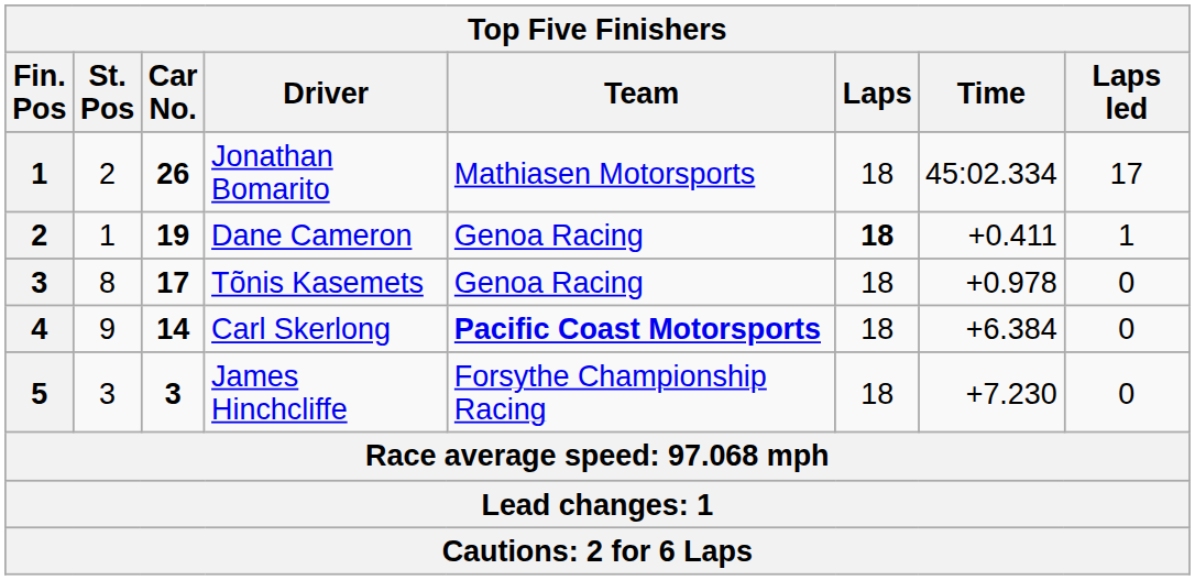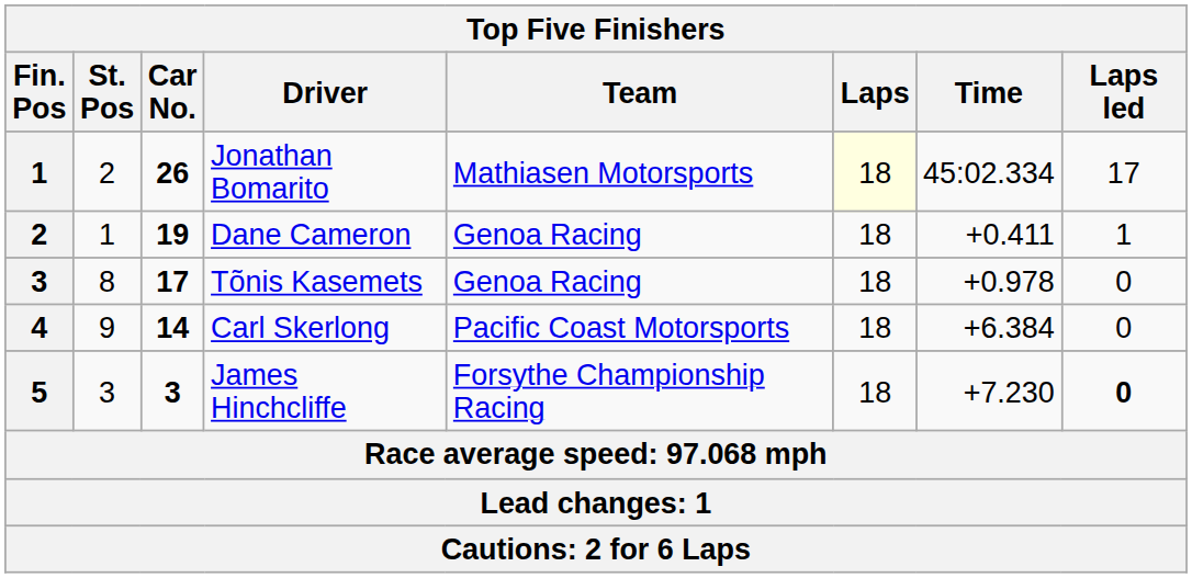 <table class="wikitable" style="font-size:95%;">
 <tr>
 <th colspan=9>Top Five Finishers</th>
 </tr>
 <tr>
 <th>Fin.<br>Pos</th>
 <th>St.<br>Pos</th>
 <th>Car<br>No.</th>
 <th>Driver</th>
 <th>Team</th>
 <th>Laps</th>
 <th>Time</th>
 <th>Laps led</th>
 </tr>
 <tr>
 <th>1</th>
 <td align=center>2</td>
 <td align=center><strong>26</strong></td>
 <td> <a href='#'>Jonathan Bomarito</a></td>
 <td><a href='#'>Mathiasen Motorsports</a></td>
-<td align=center>18</td>
+<td align=center style="background: lightyellow;">18</td>
 <td align=right>45:02.334</td>
 <td align=center>17</td>
 </tr>
 <tr>
 <th>2</th>
 <td align=center>1</td>
 <td align=center><strong>19</strong></td>
 <td> <a href='#'>Dane Cameron</a></td>
 <td><a href='#'>Genoa Racing</a></td>
-<td align=center><strong>18</strong></td>
+<td align=center>18</td>
 <td align=right>+0.411</td>
 <td align=center>1</td>
 </tr>
 <tr>
 <th>3</th>
 <td align=center>8</td>
 <td align=center><strong>17</strong></td>
 <td> <a href='#'>Tõnis Kasemets</a></td>
 <td><a href='#'>Genoa Racing</a></td>
 <td align=center>18</td>
 <td align=right>+0.978</td>
 <td align=center>0</td>
 </tr>
 <tr>
 <th>4</th>
 <td align=center>9</td>
 <td style="text-align:center;"><strong>14</strong></td>
 <td> <a href='#'>Carl Skerlong</a></td>
-<td><strong><a href='#'>Pacific Coast Motorsports</a></strong></td>
+<td><a href='#'>Pacific Coast Motorsports</a></td>
 <td align=center>18</td>
 <td align=right>+6.384</td>
 <td align=center>0</td>
 </tr>
 <tr>
 <th>5</th>
 <td align=center>3</td>
 <td align=center><strong>3</strong></td>
 <td> <a href='#'>James Hinchcliffe</a></td>
 <td><a href='#'>Forsythe Championship Racing</a></td>
 <td align=center>18</td>
 <td align=right>+7.230</td>
-<td align=center>0</td>
+<td align=center><strong>0</strong></td>
 </tr>
 <tr>
 <th colspan=9>Race average speed: 97.068 mph</th>
 </tr>
 <tr>
 <th colspan=9>Lead changes: 1</th>
 </tr>
 <tr>
 <th colspan=9>Cautions: 2 for 6 Laps</th>
 </tr>
 </table>
